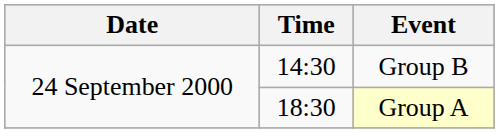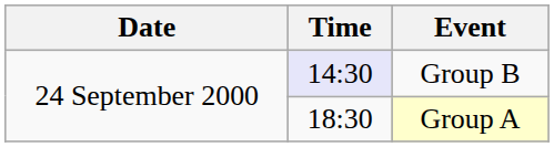 <table class = "wikitable" style="text-align:center;">
 <tr>
 <th width=150>Date</th>
 <th width=50>Time</th>
 <th width=80>Event</th>
 </tr>
 <tr>
 <td rowspan=2>24 September 2000</td>
-<td>14:30</td>
+<td style="background: lavender;">14:30</td>
 <td>Group B</td>
 </tr>
 <tr>
 <td>18:30</td>
 <td bgcolor=ffffcc>Group A</td>
 </tr>
 </table>
